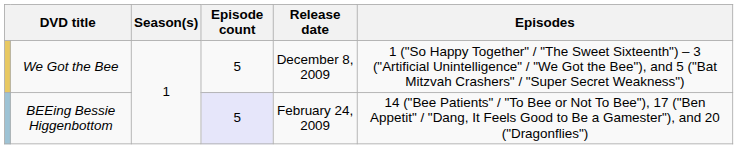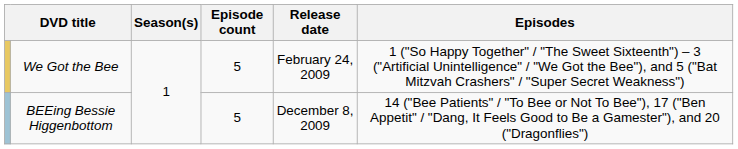 <table class="wikitable" style="text-align: center;">
 <tr>
 <th colspan=2>DVD title</th>
 <th>Season(s)</th>
 <th>Episode count</th>
 <th>Release date</th>
 <th>Episodes</th>
 </tr>
 <tr>
 <td style="background:#e8c963"></td>
 <td><em>We Got the Bee</em></td>
 <td rowspan=2>1</td>
 <td>5</td>
-<td>December 8, 2009</td>
+<td>February 24, 2009</td>
 <td>1 ("So Happy Together" / "The Sweet Sixteenth") – 3 ("Artificial Unintelligence" / "We Got the Bee"), and 5 ("Bat Mitzvah Crashers" / "Super Secret Weakness")</td>
 </tr>
 <tr>
 <td style="background:#9ec3d5"></td>
 <td><em>BEEing Bessie Higgenbottom</em></td>
-<td style="background: lavender;">5</td>
-<td>February 24, 2009</td>
+<td>5</td>
+<td>December 8, 2009</td>
 <td>14 ("Bee Patients" / "To Bee or Not To Bee"), 17 ("Ben Appetit" / "Dang, It Feels Good to Be a Gamester"), and 20 ("Dragonflies")</td>
 </tr>
 </table>
